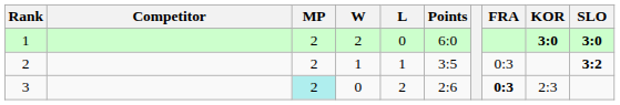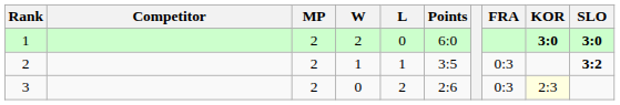 <table class="wikitable" style="text-align:center">
 <tr>
 <th>Rank</th>
 <th style="width:16em">Competitor</th>
 <th style="width:2.5em">MP</th>
 <th style="width:2.5em">W</th>
 <th style="width:2.5em">L</th>
 <th>Points</th>
 <th rowspan="4"> </th>
 <th style="width:2.5em">FRA</th>
 <th style="width:2.5em">KOR</th>
 <th style="width:2.5em">SLO</th>
 </tr>
 <tr style="background:#cfc;">
 <td>1</td>
 <td style="text-align:left"></td>
 <td>2</td>
 <td>2</td>
 <td>0</td>
 <td>6:0</td>
 <td></td>
 <td><strong>3:0</strong></td>
 <td><strong>3:0</strong></td>
 </tr>
 <tr>
 <td>2</td>
 <td style="text-align:left"></td>
 <td>2</td>
 <td>1</td>
 <td>1</td>
 <td>3:5</td>
 <td>0:3</td>
 <td></td>
 <td><strong>3:2</strong></td>
 </tr>
 <tr>
 <td>3</td>
 <td style="text-align:left"></td>
-<td style="background: paleturquoise;">2</td>
+<td>2</td>
 <td>0</td>
 <td>2</td>
 <td>2:6</td>
-<td><strong>0:3</strong></td>
-<td>2:3</td>
+<td>0:3</td>
+<td style="background: lightyellow;">2:3</td>
 <td></td>
 </tr>
 </table>
